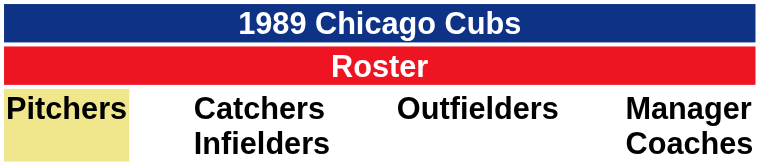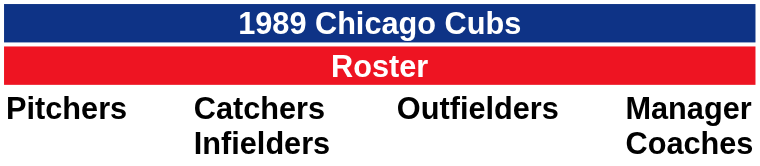 <table class="toccolours" style="font-size: 95%;">
 <tr>
 <th colspan="10" style="background-color: #0e3386; color: #FFFFFF; text-align: center;">1989 Chicago Cubs</th>
 </tr>
 <tr>
 <td colspan="10" style="background-color: #EE1422; color: #FFFFFF; text-align: center;"><strong>Roster</strong></td>
 </tr>
 <tr>
-<td valign="top" style="background: khaki;"><strong>Pitchers</strong><br>              </td>
+<td valign="top"><strong>Pitchers</strong><br>              </td>
 <td width="25px"></td>
 <td valign="top"><strong>Catchers</strong><br>   <strong>Infielders</strong>        </td>
 <td width="25px"></td>
 <td valign="top"><strong>Outfielders</strong><br>         </td>
 <td width="25px"></td>
 <td valign="top"><strong>Manager</strong><br> <strong>Coaches</strong>     </td>
 </tr>
 <tr>
 </tr>
 </table>
